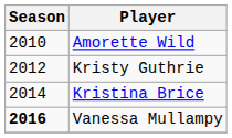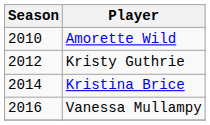 <table class="wikitable collapsible">
 <tr>
 <th>Season</th>
 <th>Player</th>
 </tr>
 <tr>
 <td>2010</td>
 <td><a href='#'>Amorette Wild</a></td>
 </tr>
 <tr>
 <td>2012</td>
 <td>Kristy Guthrie</td>
 </tr>
 <tr>
 <td>2014</td>
 <td><a href='#'>Kristina Brice</a></td>
 </tr>
 <tr>
-<td><strong>2016</strong></td>
+<td>2016</td>
 <td>Vanessa Mullampy</td>
 </tr>
 <tr>
 </tr>
 </table>
